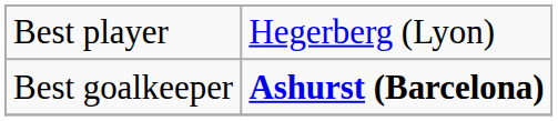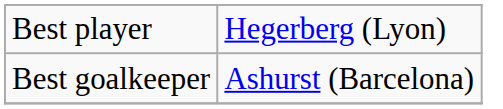 <table class="wikitable">
 <tr>
 <td>Best player</td>
 <td> <a href='#'>Hegerberg</a> (Lyon)</td>
 </tr>
 <tr>
 <td>Best goalkeeper</td>
-<td><strong> <a href='#'>Ashurst</a> (Barcelona)</strong></td>
+<td> <a href='#'>Ashurst</a> (Barcelona)</td>
 </tr>
 <tr>
 </tr>
 </table>
